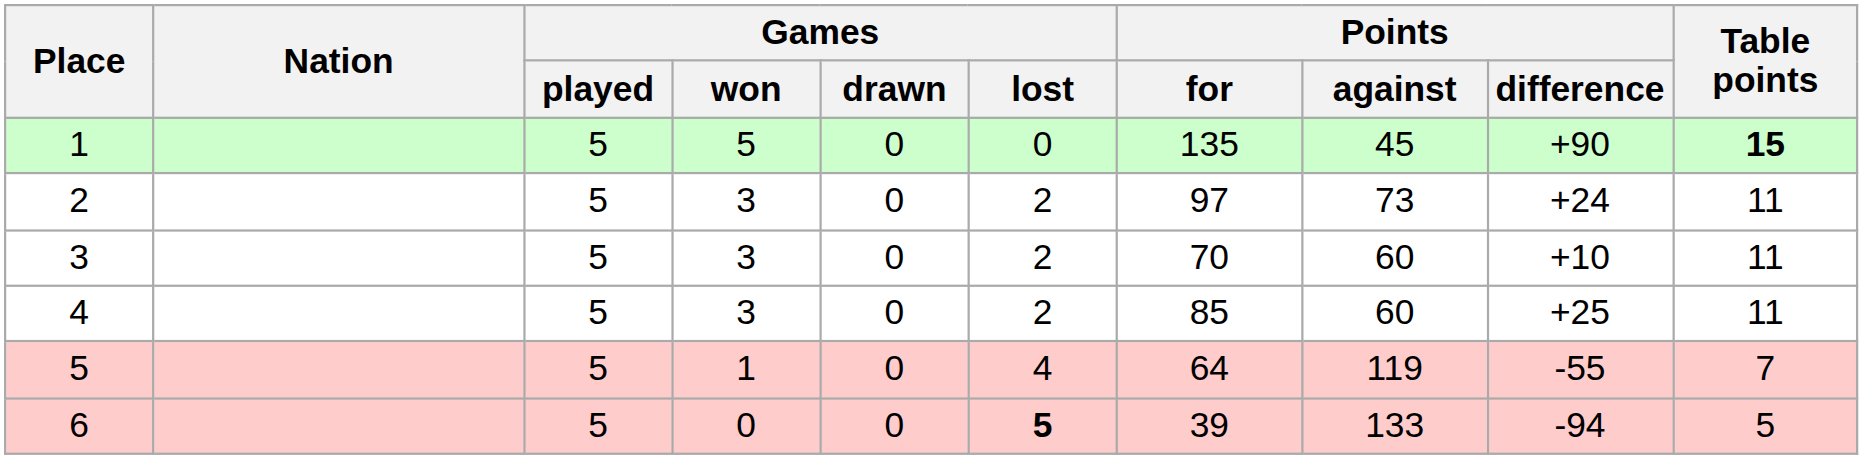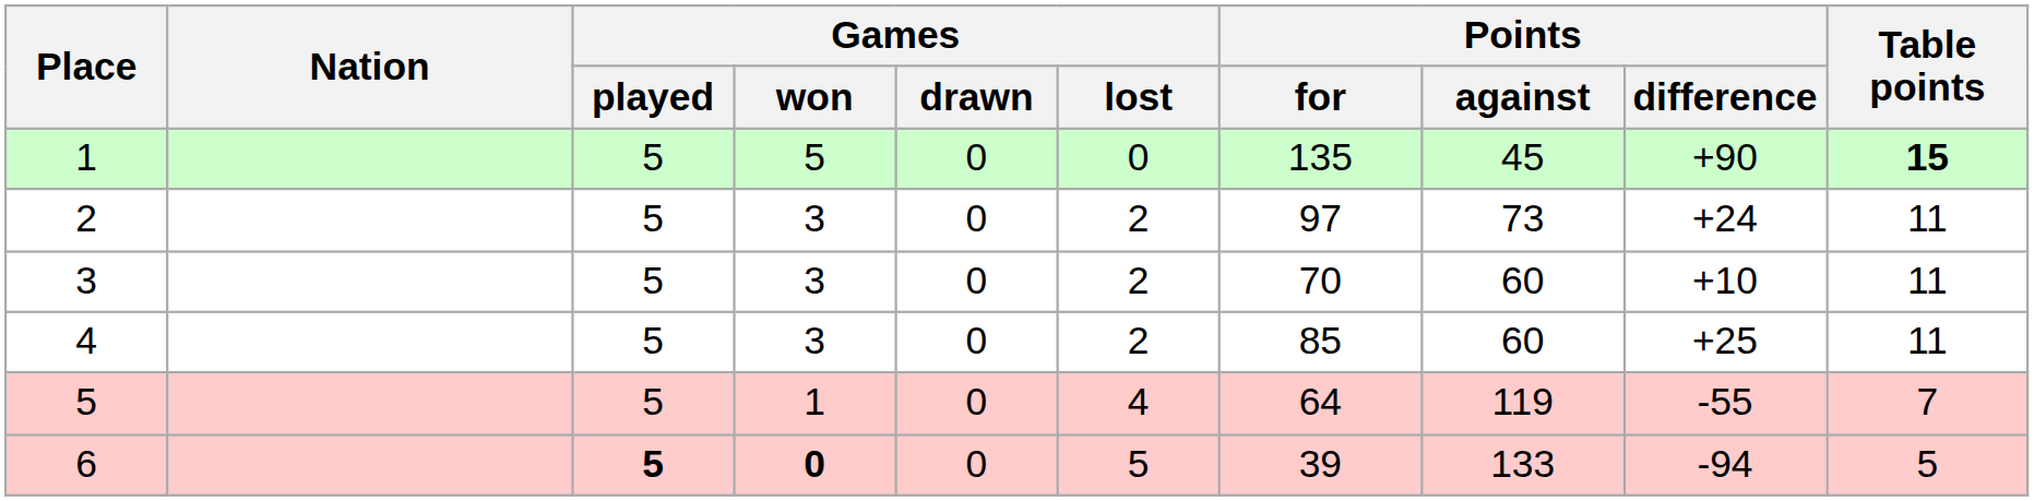 <table class="wikitable">
 <tr>
 <th rowspan=2 width="8%">Place</th>
 <th rowspan=2 width="20%">Nation</th>
 <th colspan=4 width="32%">Games</th>
 <th colspan=3 width="30%">Points</th>
 <th rowspan=2 width="10%">Table<br>points</th>
 </tr>
 <tr>
 <th width="8%">played</th>
 <th width="8%">won</th>
 <th width="8%">drawn</th>
 <th width="8%">lost</th>
 <th width="10%">for</th>
 <th width="10%">against</th>
 <th width="10%">difference</th>
 </tr>
 <tr bgcolor=#ccffcc align=center>
 <td>1</td>
 <td align=left><strong></strong></td>
 <td>5</td>
 <td>5</td>
 <td>0</td>
 <td>0</td>
 <td>135</td>
 <td>45</td>
 <td>+90</td>
 <td><strong>15</strong></td>
 </tr>
 <tr bgcolor=#ffffff align=center>
 <td>2</td>
 <td align=left></td>
 <td>5</td>
 <td>3</td>
 <td>0</td>
 <td>2</td>
 <td>97</td>
 <td>73</td>
 <td>+24</td>
 <td>11</td>
 </tr>
 <tr bgcolor=#ffffff align=center>
 <td>3</td>
 <td align=left></td>
 <td>5</td>
 <td>3</td>
 <td>0</td>
 <td>2</td>
 <td>70</td>
 <td>60</td>
 <td>+10</td>
 <td>11</td>
 </tr>
 <tr bgcolor=#ffffff align=center>
 <td>4</td>
 <td align=left></td>
 <td>5</td>
 <td>3</td>
 <td>0</td>
 <td>2</td>
 <td>85</td>
 <td>60</td>
 <td>+25</td>
 <td>11</td>
 </tr>
 <tr bgcolor=#ffcccc align=center>
 <td>5</td>
 <td align=left><em></em></td>
 <td>5</td>
 <td>1</td>
 <td>0</td>
 <td>4</td>
 <td>64</td>
 <td>119</td>
 <td>-55</td>
 <td>7</td>
 </tr>
 <tr bgcolor=#ffcccc align=center>
 <td>6</td>
 <td align=left><em></em></td>
+<td><strong>5</strong></td>
+<td><strong>0</strong></td>
+<td>0</td>
 <td>5</td>
-<td>0</td>
-<td>0</td>
-<td><strong>5</strong></td>
 <td>39</td>
 <td>133</td>
 <td>-94</td>
 <td>5</td>
 </tr>
 </table>
